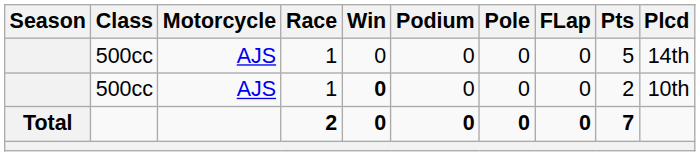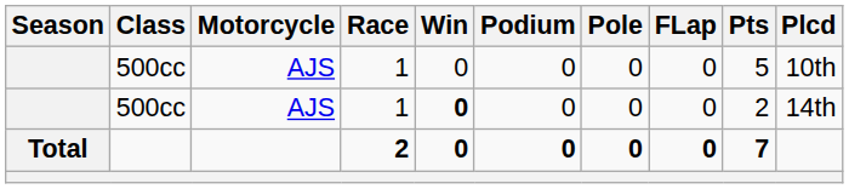 <table class="wikitable">
 <tr>
 <th>Season</th>
 <th>Class</th>
 <th>Motorcycle</th>
 <th>Race</th>
 <th>Win</th>
 <th>Podium</th>
 <th>Pole</th>
 <th>FLap</th>
 <th>Pts</th>
 <th>Plcd</th>
 </tr>
 <tr align="right">
 <th></th>
 <td>500cc</td>
 <td><a href='#'>AJS</a></td>
 <td>1</td>
 <td>0</td>
 <td>0</td>
 <td>0</td>
 <td>0</td>
 <td>5</td>
-<td>14th</td>
+<td>10th</td>
 </tr>
 <tr align="right">
 <th></th>
 <td>500cc</td>
 <td><a href='#'>AJS</a></td>
 <td>1</td>
 <td><strong>0</strong></td>
 <td>0</td>
 <td>0</td>
 <td>0</td>
 <td>2</td>
-<td>10th</td>
+<td>14th</td>
 </tr>
 <tr align="right">
 <th>Total</th>
 <td></td>
 <td></td>
 <td><strong>2</strong></td>
 <td><strong>0</strong></td>
 <td><strong>0</strong></td>
 <td><strong>0</strong></td>
 <td><strong>0</strong></td>
 <td><strong>7</strong></td>
 <td></td>
 </tr>
 <tr>
 <th colspan="10"></th>
 </tr>
 </table>
